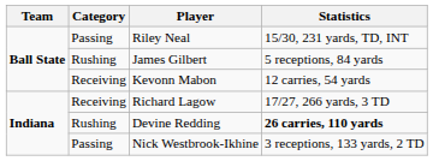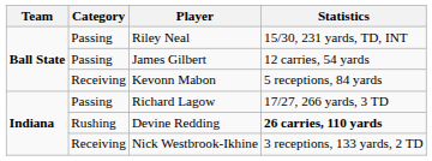 <table class="wikitable" style="float: right;">
 <tr>
 <th>Team</th>
 <th>Category</th>
 <th>Player</th>
 <th>Statistics</th>
 </tr>
 <tr>
 <td rowspan=3><strong>Ball State</strong></td>
 <td>Passing</td>
 <td>Riley Neal</td>
 <td>15/30, 231 yards, TD, INT</td>
 </tr>
 <tr>
-<td>Rushing</td>
+<td>Passing</td>
 <td>James Gilbert</td>
-<td>5 receptions, 84 yards</td>
+<td>12 carries, 54 yards</td>
 </tr>
 <tr>
 <td>Receiving</td>
 <td>Kevonn Mabon</td>
-<td>12 carries, 54 yards</td>
+<td>5 receptions, 84 yards</td>
 </tr>
 <tr>
 <td rowspan=3><strong>Indiana</strong></td>
-<td>Receiving</td>
+<td>Passing</td>
 <td>Richard Lagow</td>
 <td>17/27, 266 yards, 3 TD</td>
 </tr>
 <tr>
 <td>Rushing</td>
 <td>Devine Redding</td>
 <td><strong>26 carries, 110 yards</strong></td>
 </tr>
 <tr>
-<td>Passing</td>
+<td>Receiving</td>
 <td>Nick Westbrook-Ikhine</td>
 <td>3 receptions, 133 yards, 2 TD</td>
 </tr>
 </table>
